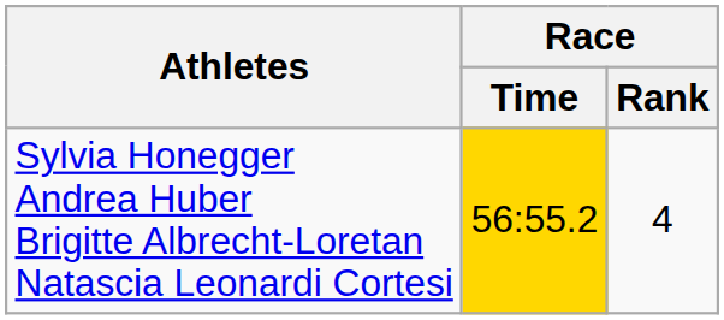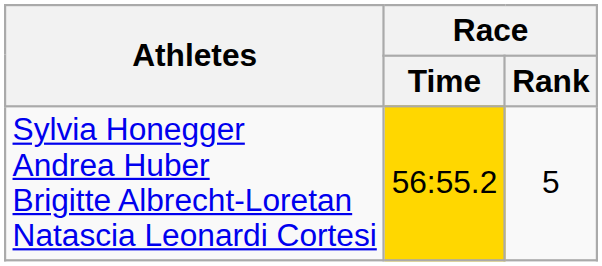 <table class="wikitable" border="1" style="font-size:90%">
 <tr>
 <th rowspan=2>Athletes</th>
 <th colspan=2>Race</th>
 </tr>
 <tr>
 <th>Time</th>
 <th>Rank</th>
 </tr>
 <tr>
 <td><a href='#'>Sylvia Honegger</a><br><a href='#'>Andrea Huber</a><br><a href='#'>Brigitte Albrecht-Loretan</a><br><a href='#'>Natascia Leonardi Cortesi</a></td>
 <td align=center style="background: gold;">56:55.2</td>
-<td align=center>4</td>
+<td align=center>5</td>
 </tr>
 </table>
